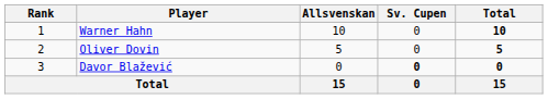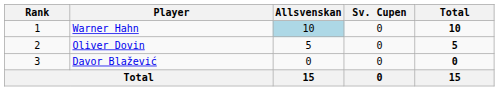 <table class="wikitable" style="text-align:center;">
 <tr>
 <th>Rank</th>
 <th>Player</th>
 <th width=14.5%>Allsvenskan</th>
 <th width=14.5%><abbr>Sv. Cupen</abbr></th>
 <th>Total</th>
 </tr>
 <tr>
 <td>1</td>
 <td align=left> <a href='#'>Warner Hahn</a></td>
-<td>10</td>
+<td style="background: lightblue;">10</td>
 <td>0</td>
 <td><strong>10</strong></td>
 </tr>
 <tr>
 <td>2</td>
 <td align=left> <a href='#'>Oliver Dovin</a></td>
 <td>5</td>
 <td>0</td>
 <td><strong>5</strong></td>
 </tr>
 <tr>
 <td>3</td>
 <td align=left> <a href='#'>Davor Blažević</a></td>
 <td>0</td>
-<td><strong>0</strong></td>
+<td>0</td>
 <td><strong>0</strong></td>
 </tr>
 <tr>
 <th colspan=2>Total</th>
 <th>15</th>
 <th>0</th>
 <th>15</th>
 </tr>
 </table>
